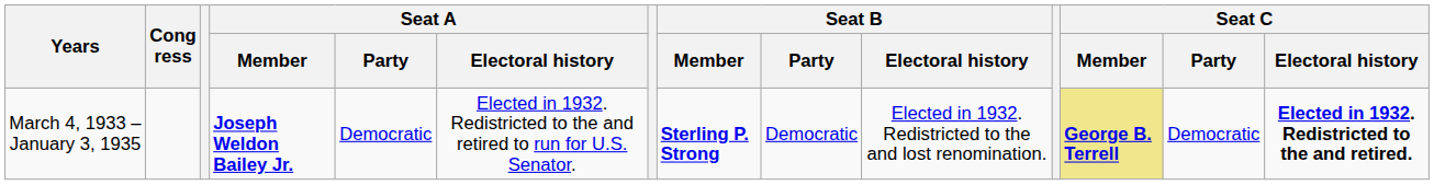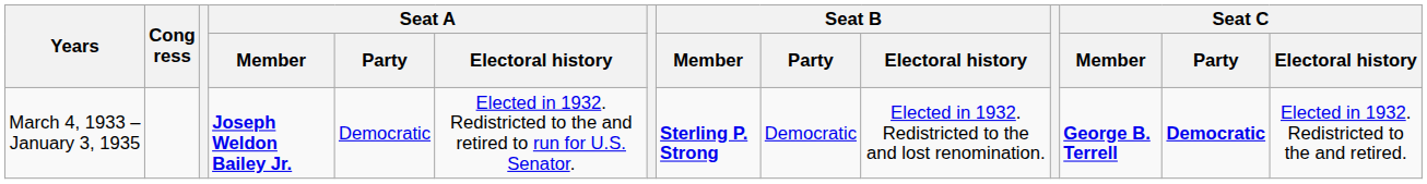 <table class=wikitable style="text-align:center">
 <tr>
 <th rowspan=2>Years</th>
 <th rowspan=2>Cong<br>ress</th>
 <th rowspan=3></th>
 <th colspan=3>Seat A</th>
 <th rowspan=3></th>
 <th colspan=3>Seat B</th>
 <th rowspan=3></th>
 <th colspan=3>Seat C</th>
 </tr>
 <tr style="height:3em">
 <th>Member</th>
 <th>Party</th>
 <th>Electoral history</th>
 <th>Member</th>
 <th>Party</th>
 <th>Electoral history</th>
 <th>Member</th>
 <th>Party</th>
 <th>Electoral history</th>
 </tr>
 <tr style="height:3em">
 <td nowrap>March 4, 1933 –<br>January 3, 1935</td>
 <td></td>
 <td align=left><br><strong><a href='#'>Joseph Weldon Bailey Jr.</a></strong><br></td>
 <td><a href='#'>Democratic</a></td>
 <td><a href='#'>Elected in 1932</a>.<br>Redistricted to the  and retired to <a href='#'>run for U.S. Senator</a>.</td>
 <td align=left><br><strong><a href='#'>Sterling P. Strong</a></strong><br></td>
 <td><a href='#'>Democratic</a></td>
 <td><a href='#'>Elected in 1932</a>.<br>Redistricted to the  and lost renomination.</td>
-<td align=left style="background: khaki;"><br><strong><a href='#'>George B. Terrell</a></strong><br></td>
-<td><a href='#'>Democratic</a></td>
-<td><strong><a href='#'>Elected in 1932</a>.<br>Redistricted to the  and retired.</strong></td>
+<td align=left><br><strong><a href='#'>George B. Terrell</a></strong><br></td>
+<td><strong><a href='#'>Democratic</a></strong></td>
+<td><a href='#'>Elected in 1932</a>.<br>Redistricted to the  and retired.</td>
 </tr>
 </table>
